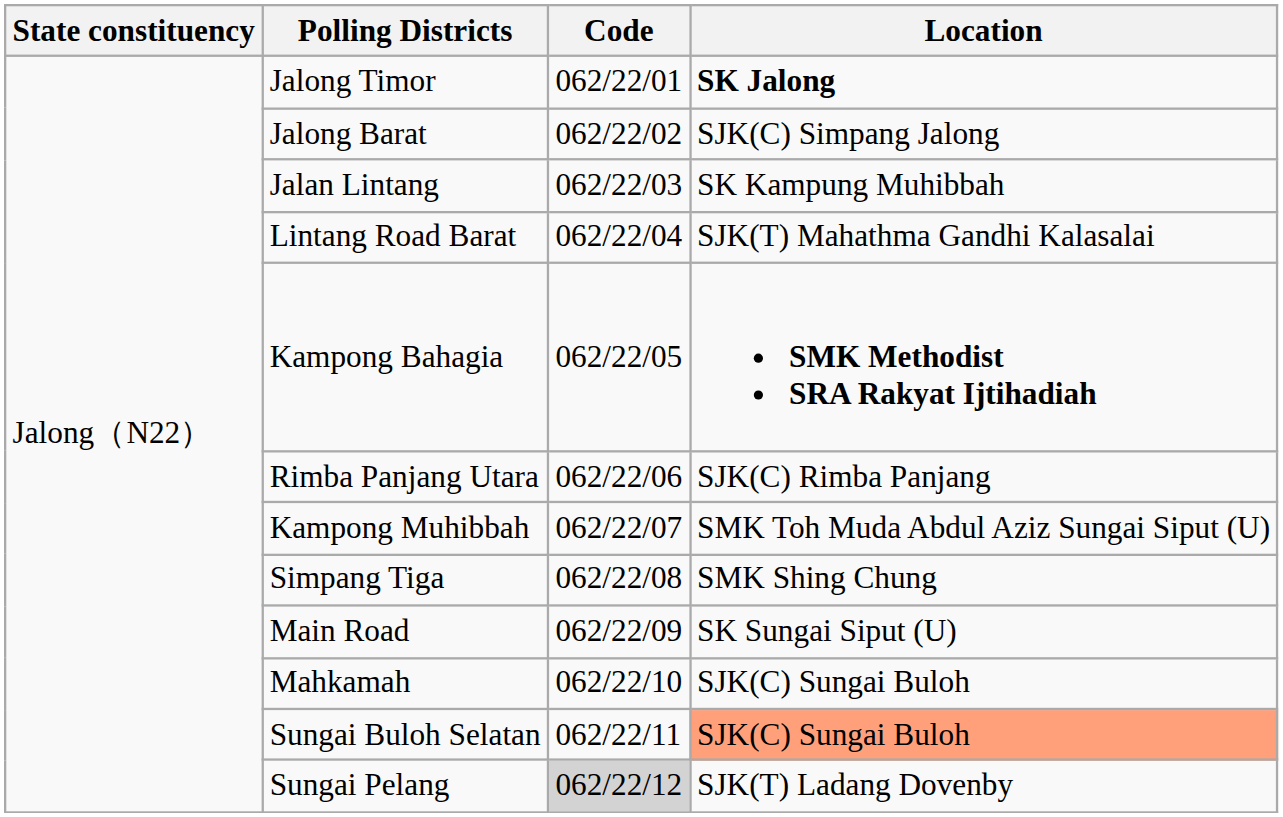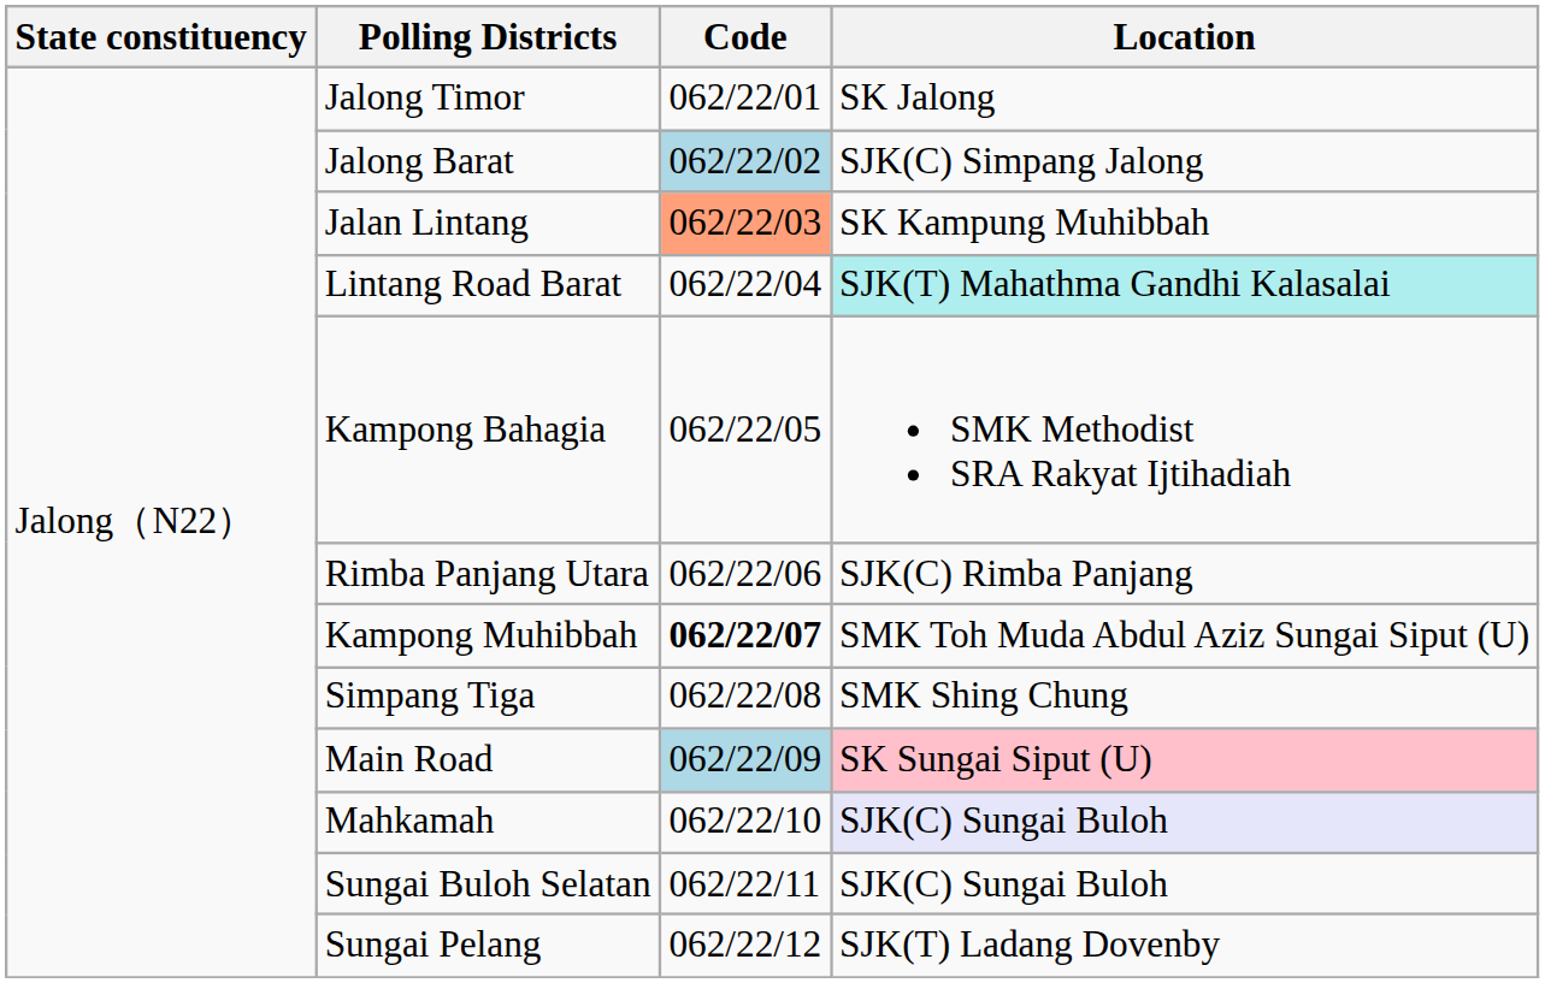 <table class="wikitable sortable mw-collapsible" style="white-space:nowrap;font-size:85%">
 <tr>
 <th>State constituency</th>
 <th>Polling Districts</th>
 <th>Code</th>
 <th>Location</th>
 </tr>
 <tr>
 <td rowspan="12">Jalong（N22）</td>
 <td>Jalong Timor</td>
 <td>062/22/01</td>
-<td><strong>SK Jalong</strong></td>
+<td>SK Jalong</td>
 </tr>
 <tr>
 <td>Jalong Barat</td>
-<td>062/22/02</td>
+<td style="background: lightblue;">062/22/02</td>
 <td>SJK(C) Simpang Jalong</td>
 </tr>
 <tr>
 <td>Jalan Lintang</td>
-<td>062/22/03</td>
+<td style="background: lightsalmon;">062/22/03</td>
 <td>SK Kampung Muhibbah</td>
 </tr>
 <tr>
 <td>Lintang Road Barat</td>
 <td>062/22/04</td>
-<td>SJK(T) Mahathma Gandhi Kalasalai</td>
+<td style="background: paleturquoise;">SJK(T) Mahathma Gandhi Kalasalai</td>
 </tr>
 <tr>
 <td>Kampong Bahagia</td>
 <td>062/22/05</td>
-<td><strong><br><ul><li>SMK Methodist</li><li>SRA Rakyat Ijtihadiah</li></ul></strong></td>
+<td><br><ul><li>SMK Methodist</li><li>SRA Rakyat Ijtihadiah</li></ul></td>
 </tr>
 <tr>
 <td>Rimba Panjang Utara</td>
 <td>062/22/06</td>
 <td>SJK(C) Rimba Panjang</td>
 </tr>
 <tr>
 <td>Kampong Muhibbah</td>
-<td>062/22/07</td>
+<td><strong>062/22/07</strong></td>
 <td>SMK Toh Muda Abdul Aziz Sungai Siput (U)</td>
 </tr>
 <tr>
 <td>Simpang Tiga</td>
 <td>062/22/08</td>
 <td>SMK Shing Chung</td>
 </tr>
 <tr>
 <td>Main Road</td>
-<td>062/22/09</td>
-<td>SK Sungai Siput (U)</td>
+<td style="background: lightblue;">062/22/09</td>
+<td style="background: pink;">SK Sungai Siput (U)</td>
 </tr>
 <tr>
 <td>Mahkamah</td>
 <td>062/22/10</td>
-<td>SJK(C) Sungai Buloh</td>
+<td style="background: lavender;">SJK(C) Sungai Buloh</td>
 </tr>
 <tr>
 <td>Sungai Buloh Selatan</td>
 <td>062/22/11</td>
-<td style="background: lightsalmon;">SJK(C) Sungai Buloh</td>
+<td>SJK(C) Sungai Buloh</td>
 </tr>
 <tr>
 <td>Sungai Pelang</td>
-<td style="background: lightgrey;">062/22/12</td>
+<td>062/22/12</td>
 <td>SJK(T) Ladang Dovenby</td>
 </tr>
 </table>
